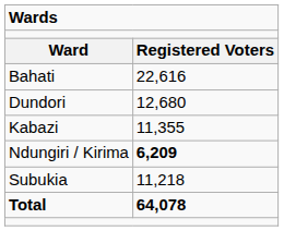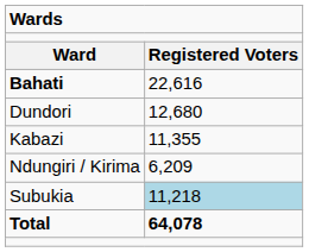 <table class="wikitable">
 <tr>
 <td colspan="2"><strong>Wards</strong></td>
 </tr>
 <tr>
 <td colspan="2"></td>
 </tr>
 <tr>
 <th>Ward</th>
 <th>Registered Voters</th>
 </tr>
 <tr>
-<td>Bahati</td>
+<td><strong>Bahati</strong></td>
 <td>22,616</td>
 </tr>
 <tr>
 <td>Dundori</td>
 <td>12,680</td>
 </tr>
 <tr>
 <td>Kabazi</td>
 <td>11,355</td>
 </tr>
 <tr>
 <td>Ndungiri / Kirima</td>
-<td><strong>6,209</strong></td>
+<td>6,209</td>
 </tr>
 <tr>
 <td>Subukia</td>
-<td>11,218</td>
+<td style="background: lightblue;">11,218</td>
 </tr>
 <tr>
 <td><strong>Total</strong></td>
 <td><strong>64,078</strong></td>
 </tr>
 <tr>
 <td colspan="2"></td>
 </tr>
 </table>
